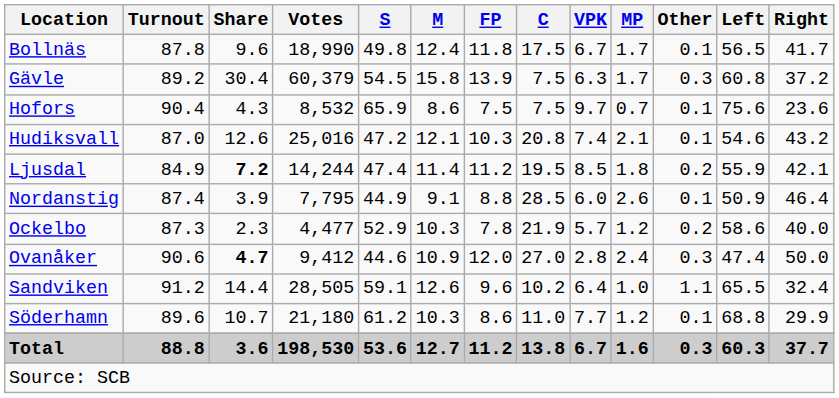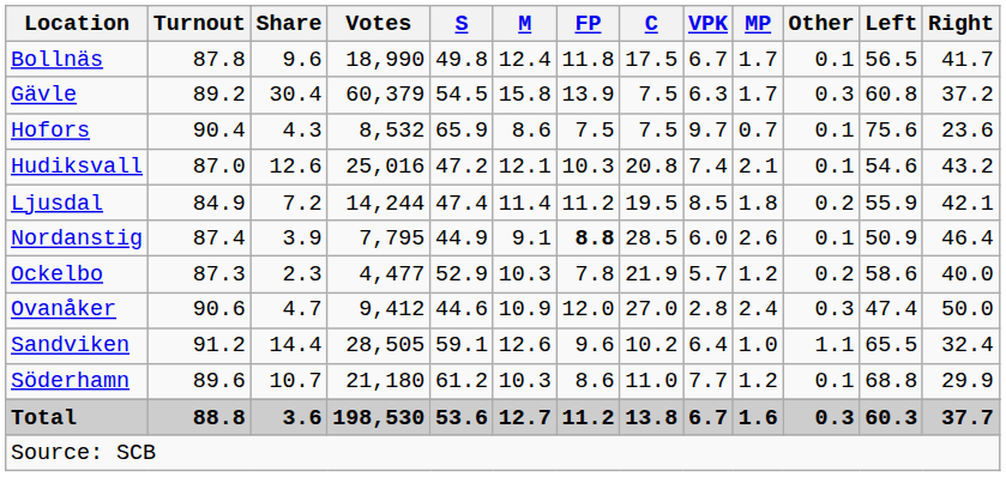 <table class="wikitable sortable" style=text-align:right>
 <tr>
 <th>Location</th>
 <th>Turnout</th>
 <th>Share</th>
 <th>Votes</th>
 <th><a href='#'>S</a></th>
 <th><a href='#'>M</a></th>
 <th><a href='#'>FP</a></th>
 <th><a href='#'>C</a></th>
 <th><a href='#'>VPK</a></th>
 <th><a href='#'>MP</a></th>
 <th>Other</th>
 <th>Left</th>
 <th>Right</th>
 </tr>
 <tr>
 <td align=left><a href='#'>Bollnäs</a></td>
 <td>87.8</td>
 <td>9.6</td>
 <td>18,990</td>
 <td>49.8</td>
 <td>12.4</td>
 <td>11.8</td>
 <td>17.5</td>
 <td>6.7</td>
 <td>1.7</td>
 <td>0.1</td>
 <td>56.5</td>
 <td>41.7</td>
 </tr>
 <tr>
 <td align=left><a href='#'>Gävle</a></td>
 <td>89.2</td>
 <td>30.4</td>
 <td>60,379</td>
 <td>54.5</td>
 <td>15.8</td>
 <td>13.9</td>
 <td>7.5</td>
 <td>6.3</td>
 <td>1.7</td>
 <td>0.3</td>
 <td>60.8</td>
 <td>37.2</td>
 </tr>
 <tr>
 <td align=left><a href='#'>Hofors</a></td>
 <td>90.4</td>
 <td>4.3</td>
 <td>8,532</td>
 <td>65.9</td>
 <td>8.6</td>
 <td>7.5</td>
 <td>7.5</td>
 <td>9.7</td>
 <td>0.7</td>
 <td>0.1</td>
 <td>75.6</td>
 <td>23.6</td>
 </tr>
 <tr>
 <td align=left><a href='#'>Hudiksvall</a></td>
 <td>87.0</td>
 <td>12.6</td>
 <td>25,016</td>
 <td>47.2</td>
 <td>12.1</td>
 <td>10.3</td>
 <td>20.8</td>
 <td>7.4</td>
 <td>2.1</td>
 <td>0.1</td>
 <td>54.6</td>
 <td>43.2</td>
 </tr>
 <tr>
 <td align=left><a href='#'>Ljusdal</a></td>
 <td>84.9</td>
-<td><strong>7.2</strong></td>
+<td>7.2</td>
 <td>14,244</td>
 <td>47.4</td>
 <td>11.4</td>
 <td>11.2</td>
 <td>19.5</td>
 <td>8.5</td>
 <td>1.8</td>
 <td>0.2</td>
 <td>55.9</td>
 <td>42.1</td>
 </tr>
 <tr>
 <td align=left><a href='#'>Nordanstig</a></td>
 <td>87.4</td>
 <td>3.9</td>
 <td>7,795</td>
 <td>44.9</td>
 <td>9.1</td>
-<td>8.8</td>
+<td><strong>8.8</strong></td>
 <td>28.5</td>
 <td>6.0</td>
 <td>2.6</td>
 <td>0.1</td>
 <td>50.9</td>
 <td>46.4</td>
 </tr>
 <tr>
 <td align=left><a href='#'>Ockelbo</a></td>
 <td>87.3</td>
 <td>2.3</td>
 <td>4,477</td>
 <td>52.9</td>
 <td>10.3</td>
 <td>7.8</td>
 <td>21.9</td>
 <td>5.7</td>
 <td>1.2</td>
 <td>0.2</td>
 <td>58.6</td>
 <td>40.0</td>
 </tr>
 <tr>
 <td align=left><a href='#'>Ovanåker</a></td>
 <td>90.6</td>
-<td><strong>4.7</strong></td>
+<td>4.7</td>
 <td>9,412</td>
 <td>44.6</td>
 <td>10.9</td>
 <td>12.0</td>
 <td>27.0</td>
 <td>2.8</td>
 <td>2.4</td>
 <td>0.3</td>
 <td>47.4</td>
 <td>50.0</td>
 </tr>
 <tr>
 <td align=left><a href='#'>Sandviken</a></td>
 <td>91.2</td>
 <td>14.4</td>
 <td>28,505</td>
 <td>59.1</td>
 <td>12.6</td>
 <td>9.6</td>
 <td>10.2</td>
 <td>6.4</td>
 <td>1.0</td>
 <td>1.1</td>
 <td>65.5</td>
 <td>32.4</td>
 </tr>
 <tr>
 <td align=left><a href='#'>Söderhamn</a></td>
 <td>89.6</td>
 <td>10.7</td>
 <td>21,180</td>
 <td>61.2</td>
 <td>10.3</td>
 <td>8.6</td>
 <td>11.0</td>
 <td>7.7</td>
 <td>1.2</td>
 <td>0.1</td>
 <td>68.8</td>
 <td>29.9</td>
 </tr>
 <tr>
 </tr>
 <tr style="background:#CDCDCD;">
 <td align=left><strong>Total</strong></td>
 <td><strong>88.8</strong></td>
 <td><strong>3.6</strong></td>
 <td><strong>198,530</strong></td>
 <td><strong>53.6</strong></td>
 <td><strong>12.7</strong></td>
 <td><strong>11.2</strong></td>
 <td><strong>13.8</strong></td>
 <td><strong>6.7</strong></td>
 <td><strong>1.6</strong></td>
 <td><strong>0.3</strong></td>
 <td><strong>60.3</strong></td>
 <td><strong>37.7</strong></td>
 </tr>
 <tr>
 <td align=left colspan=13>Source: SCB </td>
 </tr>
 </table>
